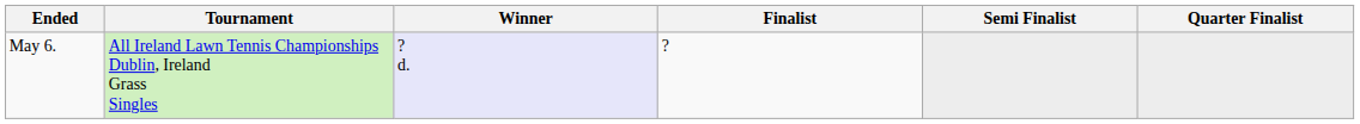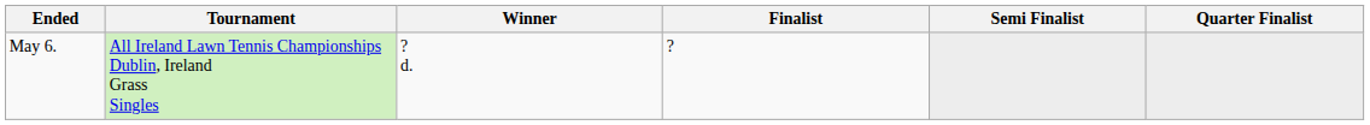 <table class="wikitable" style="font-size:85%;">
 <tr>
 <th width="75">Ended</th>
 <th width="230">Tournament</th>
 <th width="210">Winner</th>
 <th width="210">Finalist</th>
 <th width="170">Semi Finalist</th>
 <th width="170">Quarter Finalist</th>
 </tr>
 <tr valign=top>
 <td rowspan=2>May 6.</td>
 <td style="background:#d0f0c0" rowspan=2><a href='#'>All Ireland Lawn Tennis Championships</a><br><a href='#'>Dublin</a>, Ireland<br>Grass<br><a href='#'>Singles</a></td>
-<td style="background: lavender;"> ?<br>d.</td>
+<td> ?<br>d.</td>
 <td> ?</td>
 <td style="background:#ededed;" rowspan=2></td>
 <td style="background:#ededed;" rowspan=2></td>
 </tr>
 </table>
